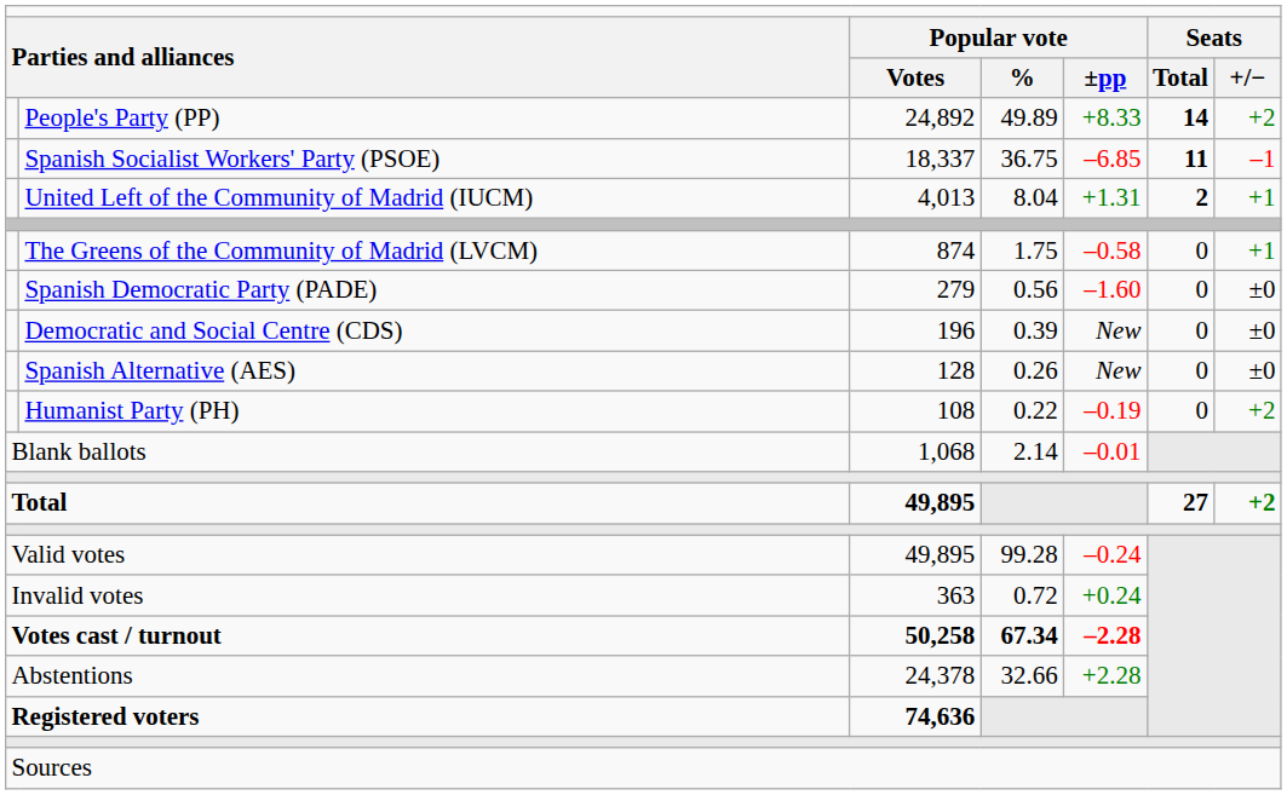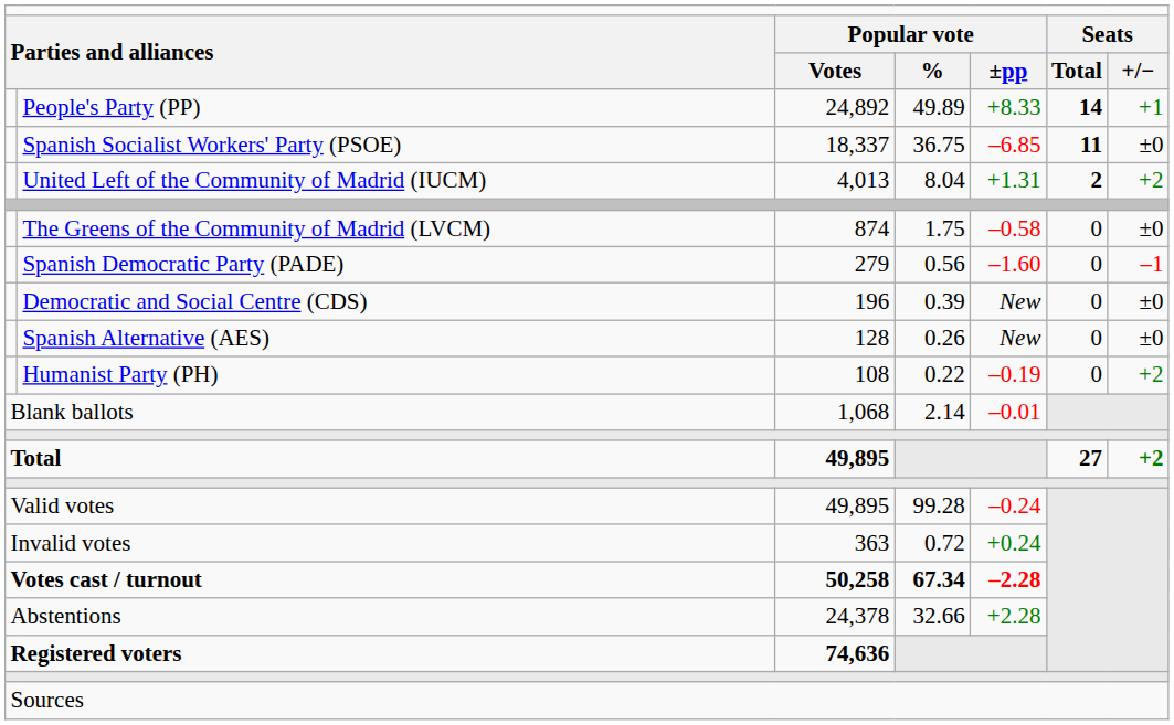 <table class="wikitable" style="text-align:right;">
 <tr>
 <td colspan="7"></td>
 </tr>
 <tr>
 <th style="text-align:left;" rowspan="2" colspan="2" width="525">Parties and alliances</th>
 <th colspan="3">Popular vote</th>
 <th colspan="2">Seats</th>
 </tr>
 <tr>
 <th width="75">Votes</th>
 <th width="45">%</th>
 <th width="45">±<a href='#'>pp</a></th>
 <th width="35">Total</th>
 <th width="35">+/−</th>
 </tr>
 <tr>
 <td width="1" style="color:inherit;background:"></td>
 <td align="left"><a href='#'>People's Party</a> (PP)</td>
 <td>24,892</td>
 <td>49.89</td>
 <td style="color:green;">+8.33</td>
 <td><strong>14</strong></td>
-<td style="color:green;">+2</td>
+<td style="color:green;">+1</td>
 </tr>
 <tr>
 <td style="color:inherit;background:"></td>
 <td align="left"><a href='#'>Spanish Socialist Workers' Party</a> (PSOE)</td>
 <td>18,337</td>
 <td>36.75</td>
 <td style="color:red;">–6.85</td>
 <td><strong>11</strong></td>
-<td style="color:red;">–1</td>
+<td>±0</td>
 </tr>
 <tr>
 <td style="color:inherit;background:"></td>
 <td align="left"><a href='#'>United Left of the Community of Madrid</a> (IUCM)</td>
 <td>4,013</td>
 <td>8.04</td>
 <td style="color:green;">+1.31</td>
 <td><strong>2</strong></td>
-<td style="color:green;">+1</td>
+<td style="color:green;">+2</td>
 </tr>
 <tr>
 <td colspan="7" bgcolor="#C0C0C0"></td>
 </tr>
 <tr>
 <td style="color:inherit;background:"></td>
 <td align="left"><a href='#'>The Greens of the Community of Madrid</a> (LVCM)</td>
 <td>874</td>
 <td>1.75</td>
 <td style="color:red;">–0.58</td>
 <td>0</td>
-<td style="color:green;">+1</td>
+<td>±0</td>
 </tr>
 <tr>
 <td style="color:inherit;background:"></td>
 <td align="left"><a href='#'>Spanish Democratic Party</a> (PADE)</td>
 <td>279</td>
 <td>0.56</td>
 <td style="color:red;">–1.60</td>
 <td>0</td>
-<td>±0</td>
+<td style="color:red;">–1</td>
 </tr>
 <tr>
 <td style="color:inherit;background:"></td>
 <td align="left"><a href='#'>Democratic and Social Centre</a> (CDS)</td>
 <td>196</td>
 <td>0.39</td>
 <td><em>New</em></td>
 <td>0</td>
 <td>±0</td>
 </tr>
 <tr>
 <td style="color:inherit;background:"></td>
 <td align="left"><a href='#'>Spanish Alternative</a> (AES)</td>
 <td>128</td>
 <td>0.26</td>
 <td><em>New</em></td>
 <td>0</td>
 <td>±0</td>
 </tr>
 <tr>
 <td style="color:inherit;background:"></td>
 <td align="left"><a href='#'>Humanist Party</a> (PH)</td>
 <td>108</td>
 <td>0.22</td>
 <td style="color:red;">–0.19</td>
 <td>0</td>
 <td style="color:green;">+2</td>
 </tr>
 <tr>
 <td align="left" colspan="2">Blank ballots</td>
 <td>1,068</td>
 <td>2.14</td>
 <td style="color:red;">–0.01</td>
 <td bgcolor="#E9E9E9" colspan="2"></td>
 </tr>
 <tr>
 <td colspan="7" bgcolor="#E9E9E9"></td>
 </tr>
 <tr style="font-weight:bold;">
 <td align="left" colspan="2">Total</td>
 <td>49,895</td>
 <td bgcolor="#E9E9E9" colspan="2"></td>
 <td>27</td>
 <td style="color:green;">+2</td>
 </tr>
 <tr>
 <td colspan="7" bgcolor="#E9E9E9"></td>
 </tr>
 <tr>
 <td align="left" colspan="2">Valid votes</td>
 <td>49,895</td>
 <td>99.28</td>
 <td style="color:red;">–0.24</td>
 <td bgcolor="#E9E9E9" colspan="2" rowspan="5"></td>
 </tr>
 <tr>
 <td align="left" colspan="2">Invalid votes</td>
 <td>363</td>
 <td>0.72</td>
 <td style="color:green;">+0.24</td>
 </tr>
 <tr style="font-weight:bold;">
 <td align="left" colspan="2">Votes cast / turnout</td>
 <td>50,258</td>
 <td>67.34</td>
 <td style="color:red;">–2.28</td>
 </tr>
 <tr>
 <td align="left" colspan="2">Abstentions</td>
 <td>24,378</td>
 <td>32.66</td>
 <td style="color:green;">+2.28</td>
 </tr>
 <tr style="font-weight:bold;">
 <td align="left" colspan="2">Registered voters</td>
 <td>74,636</td>
 <td bgcolor="#E9E9E9" colspan="2"></td>
 </tr>
 <tr>
 <td colspan="7" bgcolor="#E9E9E9"></td>
 </tr>
 <tr>
 <td align="left" colspan="7">Sources</td>
 </tr>
 </table>
